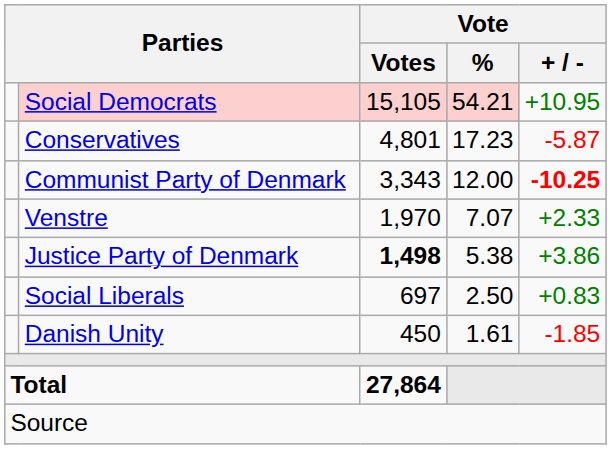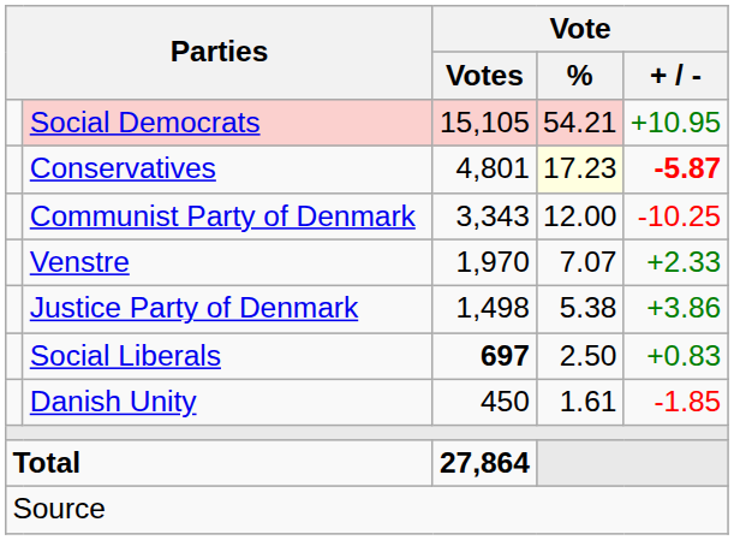 <table class="wikitable" style="text-align:right;">
 <tr>
 <th style="text-align:centre;" rowspan="2" colspan="2" width="225">Parties</th>
 <th colspan="3">Vote</th>
 </tr>
 <tr>
 <th width="15">Votes</th>
 <th width="15">%</th>
 <th width="15">+ / -</th>
 </tr>
 <tr>
 <td width="2" style="color:inherit;background:"></td>
 <td bgcolor=#fbd0ce  align="left"><a href='#'>Social Democrats</a></td>
 <td bgcolor=#fbd0ce>15,105</td>
 <td bgcolor=#fbd0ce>54.21</td>
 <td style=color:green;>+10.95</td>
 </tr>
 <tr>
 <td width="2" style="color:inherit;background:"></td>
 <td align="left"><a href='#'>Conservatives</a></td>
 <td>4,801</td>
-<td>17.23</td>
-<td style=color:red;>-5.87</td>
+<td style="background: lightyellow;">17.23</td>
+<td style=color:red;><strong>-5.87</strong></td>
 </tr>
 <tr>
 <td width="2" style="color:inherit;background:"></td>
 <td align="left"><a href='#'>Communist Party of Denmark</a></td>
 <td>3,343</td>
 <td>12.00</td>
-<td style=color:red;><strong>-10.25</strong></td>
+<td style=color:red;>-10.25</td>
 </tr>
 <tr>
 <td width="2" style="color:inherit;background:"></td>
 <td align="left"><a href='#'>Venstre</a></td>
 <td>1,970</td>
 <td>7.07</td>
 <td style=color:green;>+2.33</td>
 </tr>
 <tr>
 <td width="2" style="color:inherit;background:"></td>
 <td align="left"><a href='#'>Justice Party of Denmark</a></td>
-<td><strong>1,498</strong></td>
+<td>1,498</td>
 <td>5.38</td>
 <td style=color:green;>+3.86</td>
 </tr>
 <tr>
 <td width="2" style="color:inherit;background:"></td>
 <td align="left"><a href='#'>Social Liberals</a></td>
-<td>697</td>
+<td><strong>697</strong></td>
 <td>2.50</td>
 <td style=color:green;>+0.83</td>
 </tr>
 <tr>
 <td width="2" style="color:inherit;background:"></td>
 <td align="left"><a href='#'>Danish Unity</a></td>
 <td>450</td>
 <td>1.61</td>
 <td style=color:red;>-1.85</td>
 </tr>
 <tr>
 <td colspan="7" bgcolor="#E9E9E9"></td>
 </tr>
 <tr>
 <td align="left" colspan="2"><strong>Total</strong></td>
 <td><strong>27,864</strong></td>
 <td bgcolor="#E9E9E9" colspan="2"></td>
 </tr>
 <tr>
 <td align="left" colspan="6">Source</td>
 </tr>
 </table>
